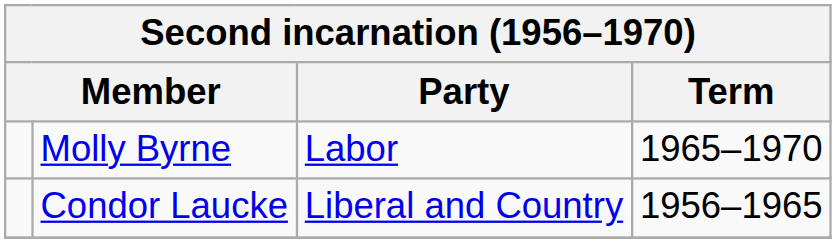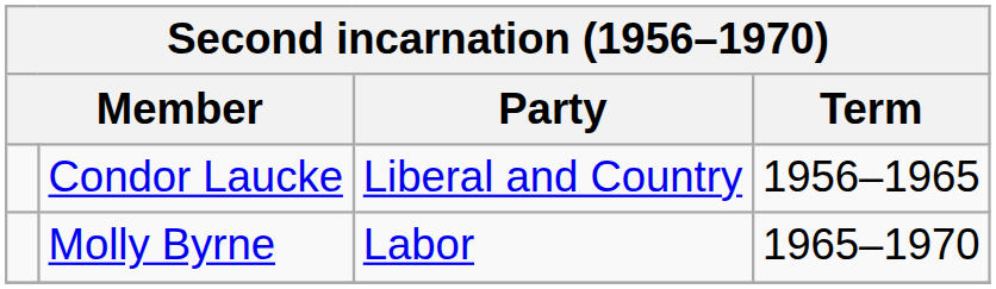 <table class="wikitable">
 <tr>
 <th colspan=4>Second incarnation (1956–1970)</th>
 </tr>
 <tr>
 <th colspan=2>Member</th>
 <th>Party</th>
 <th>Term</th>
 </tr>
 <tr>
 <td> </td>
+<td><a href='#'>Condor Laucke</a></td>
+<td><a href='#'>Liberal and Country</a></td>
+<td>1956–1965</td>
+</tr>
+<tr>
+<td> </td>
 <td><a href='#'>Molly Byrne</a></td>
 <td><a href='#'>Labor</a></td>
 <td>1965–1970</td>
 </tr>
 <tr>
-<td> </td>
-<td><a href='#'>Condor Laucke</a></td>
-<td><a href='#'>Liberal and Country</a></td>
-<td>1956–1965</td>
-</tr>
-<tr>
 </tr>
 </table>
